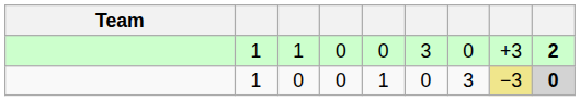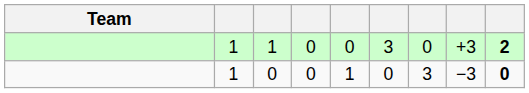 <table class="wikitable" style="text-align: center; font-size: 90%;">
 <tr>
 <th width=165>Team</th>
 <th width=25></th>
 <th width=25></th>
 <th width=25></th>
 <th width=25></th>
 <th width=25></th>
 <th width=25></th>
 <th width=25></th>
 <th width=25></th>
 </tr>
 <tr style="background:#cfc;">
 <td align=left></td>
 <td>1</td>
 <td>1</td>
 <td>0</td>
 <td>0</td>
 <td>3</td>
 <td>0</td>
 <td>+3</td>
 <td><strong>2</strong></td>
 </tr>
 <tr>
 <td align=left></td>
 <td>1</td>
 <td>0</td>
 <td>0</td>
 <td>1</td>
 <td>0</td>
 <td>3</td>
-<td style="background: khaki;">−3</td>
-<td style="background: lightgrey;"><strong>0</strong></td>
+<td>−3</td>
+<td><strong>0</strong></td>
 </tr>
 </table>
